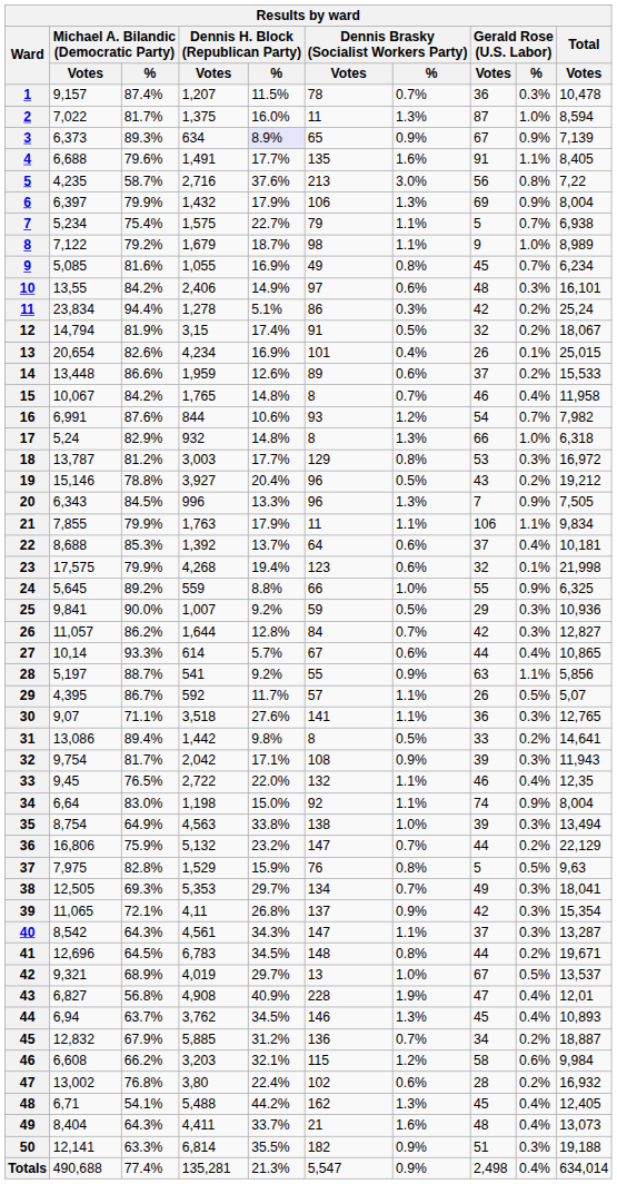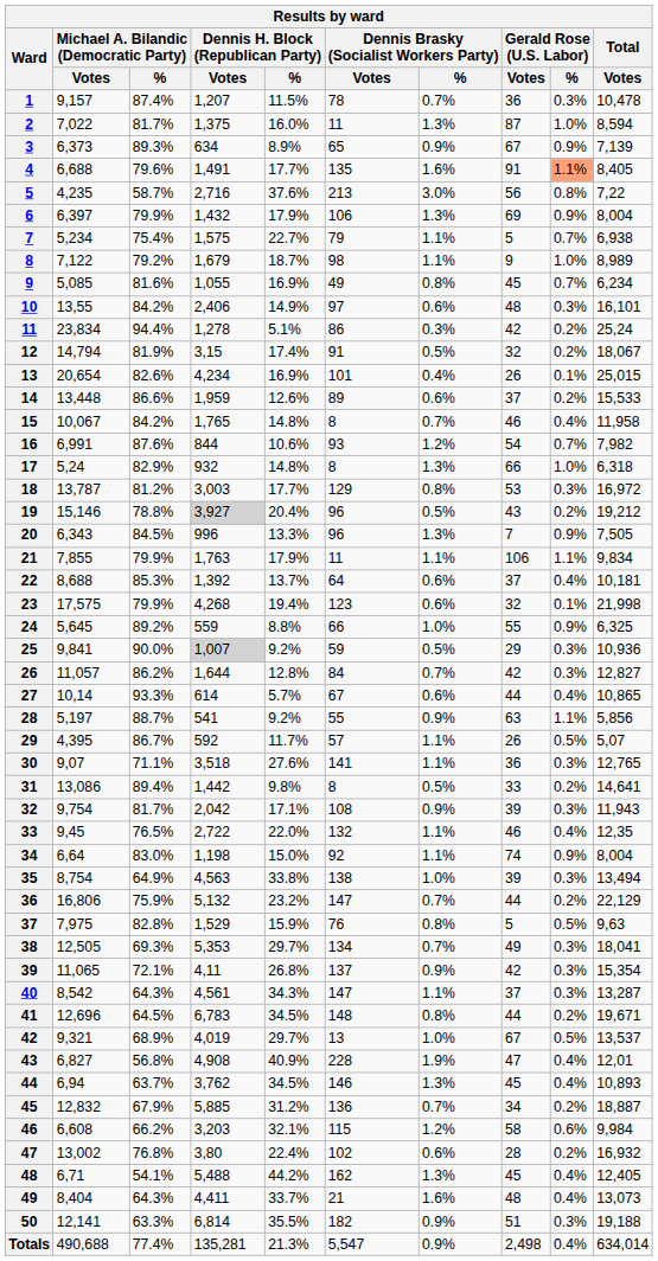 <table class="wikitable sortable">
 <tr>
 <th colspan=10>Results by ward</th>
 </tr>
 <tr>
 <th rowspan=2>Ward</th>
 <th colspan=2>Michael A. Bilandic<br>(Democratic Party)</th>
 <th colspan=2>Dennis H. Block<br>(Republican Party)</th>
 <th colspan=2>Dennis Brasky<br>(Socialist Workers Party)</th>
 <th colspan=2>Gerald Rose<br>(U.S. Labor)</th>
 <th>Total</th>
 </tr>
 <tr>
 <th>Votes</th>
 <th>%</th>
 <th>Votes</th>
 <th>%</th>
 <th>Votes</th>
 <th>%</th>
 <th>Votes</th>
 <th>%</th>
 <th>Votes</th>
 </tr>
 <tr>
 <th><a href='#'>1</a></th>
 <td>9,157</td>
 <td>87.4%</td>
 <td>1,207</td>
 <td>11.5%</td>
 <td>78</td>
 <td>0.7%</td>
 <td>36</td>
 <td>0.3%</td>
 <td>10,478</td>
 </tr>
 <tr>
 <th><a href='#'>2</a></th>
 <td>7,022</td>
 <td>81.7%</td>
 <td>1,375</td>
 <td>16.0%</td>
 <td>11</td>
 <td>1.3%</td>
 <td>87</td>
 <td>1.0%</td>
 <td>8,594</td>
 </tr>
 <tr>
 <th><a href='#'>3</a></th>
 <td>6,373</td>
 <td>89.3%</td>
 <td>634</td>
-<td style="background: lavender;">8.9%</td>
+<td>8.9%</td>
 <td>65</td>
 <td>0.9%</td>
 <td>67</td>
 <td>0.9%</td>
 <td>7,139</td>
 </tr>
 <tr>
 <th><a href='#'>4</a></th>
 <td>6,688</td>
 <td>79.6%</td>
 <td>1,491</td>
 <td>17.7%</td>
 <td>135</td>
 <td>1.6%</td>
 <td>91</td>
-<td>1.1%</td>
+<td style="background: lightsalmon;">1.1%</td>
 <td>8,405</td>
 </tr>
 <tr>
 <th><a href='#'>5</a></th>
 <td>4,235</td>
 <td>58.7%</td>
 <td>2,716</td>
 <td>37.6%</td>
 <td>213</td>
 <td>3.0%</td>
 <td>56</td>
 <td>0.8%</td>
 <td>7,22</td>
 </tr>
 <tr>
 <th><a href='#'>6</a></th>
 <td>6,397</td>
 <td>79.9%</td>
 <td>1,432</td>
 <td>17.9%</td>
 <td>106</td>
 <td>1.3%</td>
 <td>69</td>
 <td>0.9%</td>
 <td>8,004</td>
 </tr>
 <tr>
 <th><a href='#'>7</a></th>
 <td>5,234</td>
 <td>75.4%</td>
 <td>1,575</td>
 <td>22.7%</td>
 <td>79</td>
 <td>1.1%</td>
 <td>5</td>
 <td>0.7%</td>
 <td>6,938</td>
 </tr>
 <tr>
 <th><a href='#'>8</a></th>
 <td>7,122</td>
 <td>79.2%</td>
 <td>1,679</td>
 <td>18.7%</td>
 <td>98</td>
 <td>1.1%</td>
 <td>9</td>
 <td>1.0%</td>
 <td>8,989</td>
 </tr>
 <tr>
 <th><a href='#'>9</a></th>
 <td>5,085</td>
 <td>81.6%</td>
 <td>1,055</td>
 <td>16.9%</td>
 <td>49</td>
 <td>0.8%</td>
 <td>45</td>
 <td>0.7%</td>
 <td>6,234</td>
 </tr>
 <tr>
 <th><a href='#'>10</a></th>
 <td>13,55</td>
 <td>84.2%</td>
 <td>2,406</td>
 <td>14.9%</td>
 <td>97</td>
 <td>0.6%</td>
 <td>48</td>
 <td>0.3%</td>
 <td>16,101</td>
 </tr>
 <tr>
 <th><a href='#'>11</a></th>
 <td>23,834</td>
 <td>94.4%</td>
 <td>1,278</td>
 <td>5.1%</td>
 <td>86</td>
 <td>0.3%</td>
 <td>42</td>
 <td>0.2%</td>
 <td>25,24</td>
 </tr>
 <tr>
 <th>12</th>
 <td>14,794</td>
 <td>81.9%</td>
 <td>3,15</td>
 <td>17.4%</td>
 <td>91</td>
 <td>0.5%</td>
 <td>32</td>
 <td>0.2%</td>
 <td>18,067</td>
 </tr>
 <tr>
 <th>13</th>
 <td>20,654</td>
 <td>82.6%</td>
 <td>4,234</td>
 <td>16.9%</td>
 <td>101</td>
 <td>0.4%</td>
 <td>26</td>
 <td>0.1%</td>
 <td>25,015</td>
 </tr>
 <tr>
 <th>14</th>
 <td>13,448</td>
 <td>86.6%</td>
 <td>1,959</td>
 <td>12.6%</td>
 <td>89</td>
 <td>0.6%</td>
 <td>37</td>
 <td>0.2%</td>
 <td>15,533</td>
 </tr>
 <tr>
 <th>15</th>
 <td>10,067</td>
 <td>84.2%</td>
 <td>1,765</td>
 <td>14.8%</td>
 <td>8</td>
 <td>0.7%</td>
 <td>46</td>
 <td>0.4%</td>
 <td>11,958</td>
 </tr>
 <tr>
 <th>16</th>
 <td>6,991</td>
 <td>87.6%</td>
 <td>844</td>
 <td>10.6%</td>
 <td>93</td>
 <td>1.2%</td>
 <td>54</td>
 <td>0.7%</td>
 <td>7,982</td>
 </tr>
 <tr>
 <th>17</th>
 <td>5,24</td>
 <td>82.9%</td>
 <td>932</td>
 <td>14.8%</td>
 <td>8</td>
 <td>1.3%</td>
 <td>66</td>
 <td>1.0%</td>
 <td>6,318</td>
 </tr>
 <tr>
 <th>18</th>
 <td>13,787</td>
 <td>81.2%</td>
 <td>3,003</td>
 <td>17.7%</td>
 <td>129</td>
 <td>0.8%</td>
 <td>53</td>
 <td>0.3%</td>
 <td>16,972</td>
 </tr>
 <tr>
 <th>19</th>
 <td>15,146</td>
 <td>78.8%</td>
-<td>3,927</td>
+<td style="background: lightgrey;">3,927</td>
 <td>20.4%</td>
 <td>96</td>
 <td>0.5%</td>
 <td>43</td>
 <td>0.2%</td>
 <td>19,212</td>
 </tr>
 <tr>
 <th>20</th>
 <td>6,343</td>
 <td>84.5%</td>
 <td>996</td>
 <td>13.3%</td>
 <td>96</td>
 <td>1.3%</td>
 <td>7</td>
 <td>0.9%</td>
 <td>7,505</td>
 </tr>
 <tr>
 <th>21</th>
 <td>7,855</td>
 <td>79.9%</td>
 <td>1,763</td>
 <td>17.9%</td>
 <td>11</td>
 <td>1.1%</td>
 <td>106</td>
 <td>1.1%</td>
 <td>9,834</td>
 </tr>
 <tr>
 <th>22</th>
 <td>8,688</td>
 <td>85.3%</td>
 <td>1,392</td>
 <td>13.7%</td>
 <td>64</td>
 <td>0.6%</td>
 <td>37</td>
 <td>0.4%</td>
 <td>10,181</td>
 </tr>
 <tr>
 <th>23</th>
 <td>17,575</td>
 <td>79.9%</td>
 <td>4,268</td>
 <td>19.4%</td>
 <td>123</td>
 <td>0.6%</td>
 <td>32</td>
 <td>0.1%</td>
 <td>21,998</td>
 </tr>
 <tr>
 <th>24</th>
 <td>5,645</td>
 <td>89.2%</td>
 <td>559</td>
 <td>8.8%</td>
 <td>66</td>
 <td>1.0%</td>
 <td>55</td>
 <td>0.9%</td>
 <td>6,325</td>
 </tr>
 <tr>
 <th>25</th>
 <td>9,841</td>
 <td>90.0%</td>
-<td>1,007</td>
+<td style="background: lightgrey;">1,007</td>
 <td>9.2%</td>
 <td>59</td>
 <td>0.5%</td>
 <td>29</td>
 <td>0.3%</td>
 <td>10,936</td>
 </tr>
 <tr>
 <th>26</th>
 <td>11,057</td>
 <td>86.2%</td>
 <td>1,644</td>
 <td>12.8%</td>
 <td>84</td>
 <td>0.7%</td>
 <td>42</td>
 <td>0.3%</td>
 <td>12,827</td>
 </tr>
 <tr>
 <th>27</th>
 <td>10,14</td>
 <td>93.3%</td>
 <td>614</td>
 <td>5.7%</td>
 <td>67</td>
 <td>0.6%</td>
 <td>44</td>
 <td>0.4%</td>
 <td>10,865</td>
 </tr>
 <tr>
 <th>28</th>
 <td>5,197</td>
 <td>88.7%</td>
 <td>541</td>
 <td>9.2%</td>
 <td>55</td>
 <td>0.9%</td>
 <td>63</td>
 <td>1.1%</td>
 <td>5,856</td>
 </tr>
 <tr>
 <th>29</th>
 <td>4,395</td>
 <td>86.7%</td>
 <td>592</td>
 <td>11.7%</td>
 <td>57</td>
 <td>1.1%</td>
 <td>26</td>
 <td>0.5%</td>
 <td>5,07</td>
 </tr>
 <tr>
 <th>30</th>
 <td>9,07</td>
 <td>71.1%</td>
 <td>3,518</td>
 <td>27.6%</td>
 <td>141</td>
 <td>1.1%</td>
 <td>36</td>
 <td>0.3%</td>
 <td>12,765</td>
 </tr>
 <tr>
 <th>31</th>
 <td>13,086</td>
 <td>89.4%</td>
 <td>1,442</td>
 <td>9.8%</td>
 <td>8</td>
 <td>0.5%</td>
 <td>33</td>
 <td>0.2%</td>
 <td>14,641</td>
 </tr>
 <tr>
 <th>32</th>
 <td>9,754</td>
 <td>81.7%</td>
 <td>2,042</td>
 <td>17.1%</td>
 <td>108</td>
 <td>0.9%</td>
 <td>39</td>
 <td>0.3%</td>
 <td>11,943</td>
 </tr>
 <tr>
 <th>33</th>
 <td>9,45</td>
 <td>76.5%</td>
 <td>2,722</td>
 <td>22.0%</td>
 <td>132</td>
 <td>1.1%</td>
 <td>46</td>
 <td>0.4%</td>
 <td>12,35</td>
 </tr>
 <tr>
 <th>34</th>
 <td>6,64</td>
 <td>83.0%</td>
 <td>1,198</td>
 <td>15.0%</td>
 <td>92</td>
 <td>1.1%</td>
 <td>74</td>
 <td>0.9%</td>
 <td>8,004</td>
 </tr>
 <tr>
 <th>35</th>
 <td>8,754</td>
 <td>64.9%</td>
 <td>4,563</td>
 <td>33.8%</td>
 <td>138</td>
 <td>1.0%</td>
 <td>39</td>
 <td>0.3%</td>
 <td>13,494</td>
 </tr>
 <tr>
 <th>36</th>
 <td>16,806</td>
 <td>75.9%</td>
 <td>5,132</td>
 <td>23.2%</td>
 <td>147</td>
 <td>0.7%</td>
 <td>44</td>
 <td>0.2%</td>
 <td>22,129</td>
 </tr>
 <tr>
 <th>37</th>
 <td>7,975</td>
 <td>82.8%</td>
 <td>1,529</td>
 <td>15.9%</td>
 <td>76</td>
 <td>0.8%</td>
 <td>5</td>
 <td>0.5%</td>
 <td>9,63</td>
 </tr>
 <tr>
 <th>38</th>
 <td>12,505</td>
 <td>69.3%</td>
 <td>5,353</td>
 <td>29.7%</td>
 <td>134</td>
 <td>0.7%</td>
 <td>49</td>
 <td>0.3%</td>
 <td>18,041</td>
 </tr>
 <tr>
 <th>39</th>
 <td>11,065</td>
 <td>72.1%</td>
 <td>4,11</td>
 <td>26.8%</td>
 <td>137</td>
 <td>0.9%</td>
 <td>42</td>
 <td>0.3%</td>
 <td>15,354</td>
 </tr>
 <tr>
 <th><a href='#'>40</a></th>
 <td>8,542</td>
 <td>64.3%</td>
 <td>4,561</td>
 <td>34.3%</td>
 <td>147</td>
 <td>1.1%</td>
 <td>37</td>
 <td>0.3%</td>
 <td>13,287</td>
 </tr>
 <tr>
 <th>41</th>
 <td>12,696</td>
 <td>64.5%</td>
 <td>6,783</td>
 <td>34.5%</td>
 <td>148</td>
 <td>0.8%</td>
 <td>44</td>
 <td>0.2%</td>
 <td>19,671</td>
 </tr>
 <tr>
 <th>42</th>
 <td>9,321</td>
 <td>68.9%</td>
 <td>4,019</td>
 <td>29.7%</td>
 <td>13</td>
 <td>1.0%</td>
 <td>67</td>
 <td>0.5%</td>
 <td>13,537</td>
 </tr>
 <tr>
 <th>43</th>
 <td>6,827</td>
 <td>56.8%</td>
 <td>4,908</td>
 <td>40.9%</td>
 <td>228</td>
 <td>1.9%</td>
 <td>47</td>
 <td>0.4%</td>
 <td>12,01</td>
 </tr>
 <tr>
 <th>44</th>
 <td>6,94</td>
 <td>63.7%</td>
 <td>3,762</td>
 <td>34.5%</td>
 <td>146</td>
 <td>1.3%</td>
 <td>45</td>
 <td>0.4%</td>
 <td>10,893</td>
 </tr>
 <tr>
 <th>45</th>
 <td>12,832</td>
 <td>67.9%</td>
 <td>5,885</td>
 <td>31.2%</td>
 <td>136</td>
 <td>0.7%</td>
 <td>34</td>
 <td>0.2%</td>
 <td>18,887</td>
 </tr>
 <tr>
 <th>46</th>
 <td>6,608</td>
 <td>66.2%</td>
 <td>3,203</td>
 <td>32.1%</td>
 <td>115</td>
 <td>1.2%</td>
 <td>58</td>
 <td>0.6%</td>
 <td>9,984</td>
 </tr>
 <tr>
 <th>47</th>
 <td>13,002</td>
 <td>76.8%</td>
 <td>3,80</td>
 <td>22.4%</td>
 <td>102</td>
 <td>0.6%</td>
 <td>28</td>
 <td>0.2%</td>
 <td>16,932</td>
 </tr>
 <tr>
 <th>48</th>
 <td>6,71</td>
 <td>54.1%</td>
 <td>5,488</td>
 <td>44.2%</td>
 <td>162</td>
 <td>1.3%</td>
 <td>45</td>
 <td>0.4%</td>
 <td>12,405</td>
 </tr>
 <tr>
 <th>49</th>
 <td>8,404</td>
 <td>64.3%</td>
 <td>4,411</td>
 <td>33.7%</td>
 <td>21</td>
 <td>1.6%</td>
 <td>48</td>
 <td>0.4%</td>
 <td>13,073</td>
 </tr>
 <tr>
 <th>50</th>
 <td>12,141</td>
 <td>63.3%</td>
 <td>6,814</td>
 <td>35.5%</td>
 <td>182</td>
 <td>0.9%</td>
 <td>51</td>
 <td>0.3%</td>
 <td>19,188</td>
 </tr>
 <tr>
 <th>Totals</th>
 <td>490,688</td>
 <td>77.4%</td>
 <td>135,281</td>
 <td>21.3%</td>
 <td>5,547</td>
 <td>0.9%</td>
 <td>2,498</td>
 <td>0.4%</td>
 <td>634,014</td>
 </tr>
 </table>
